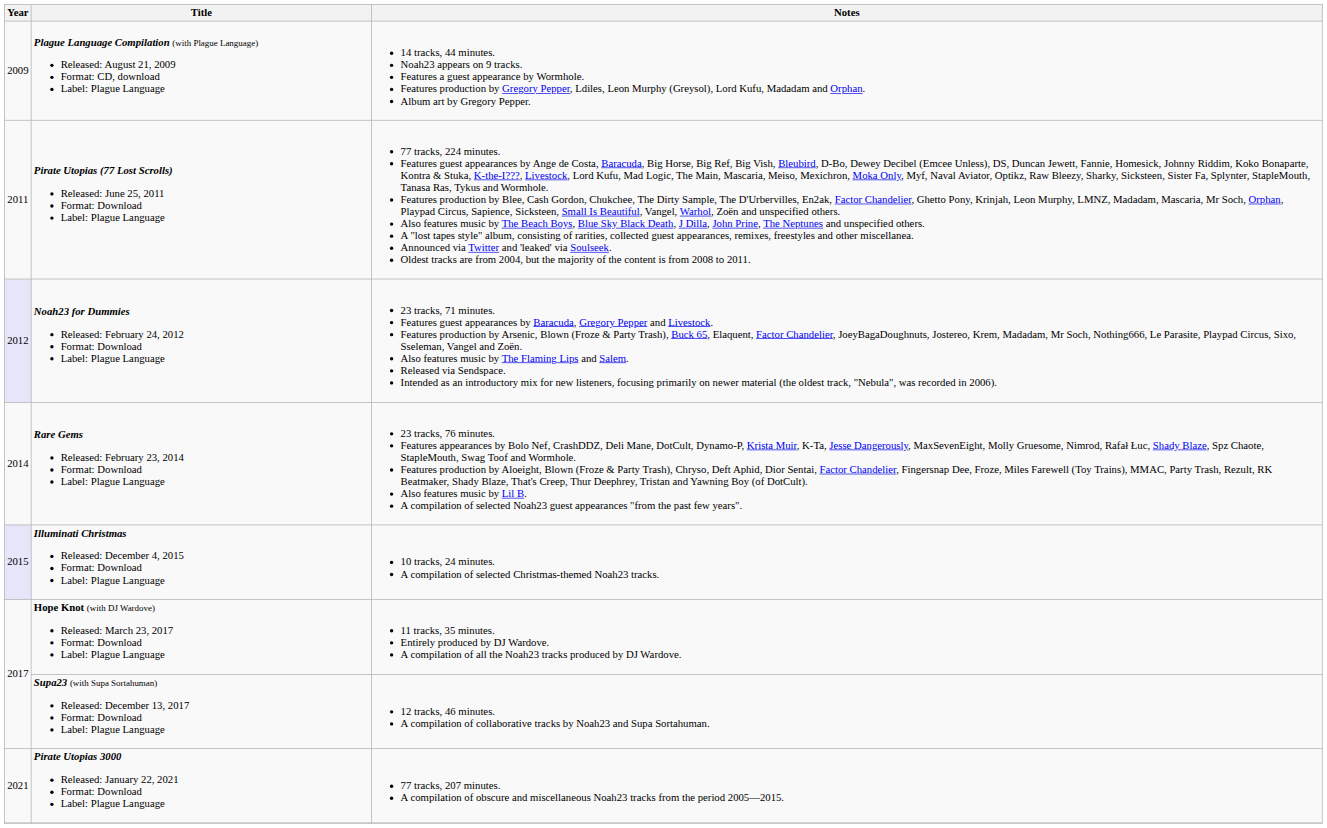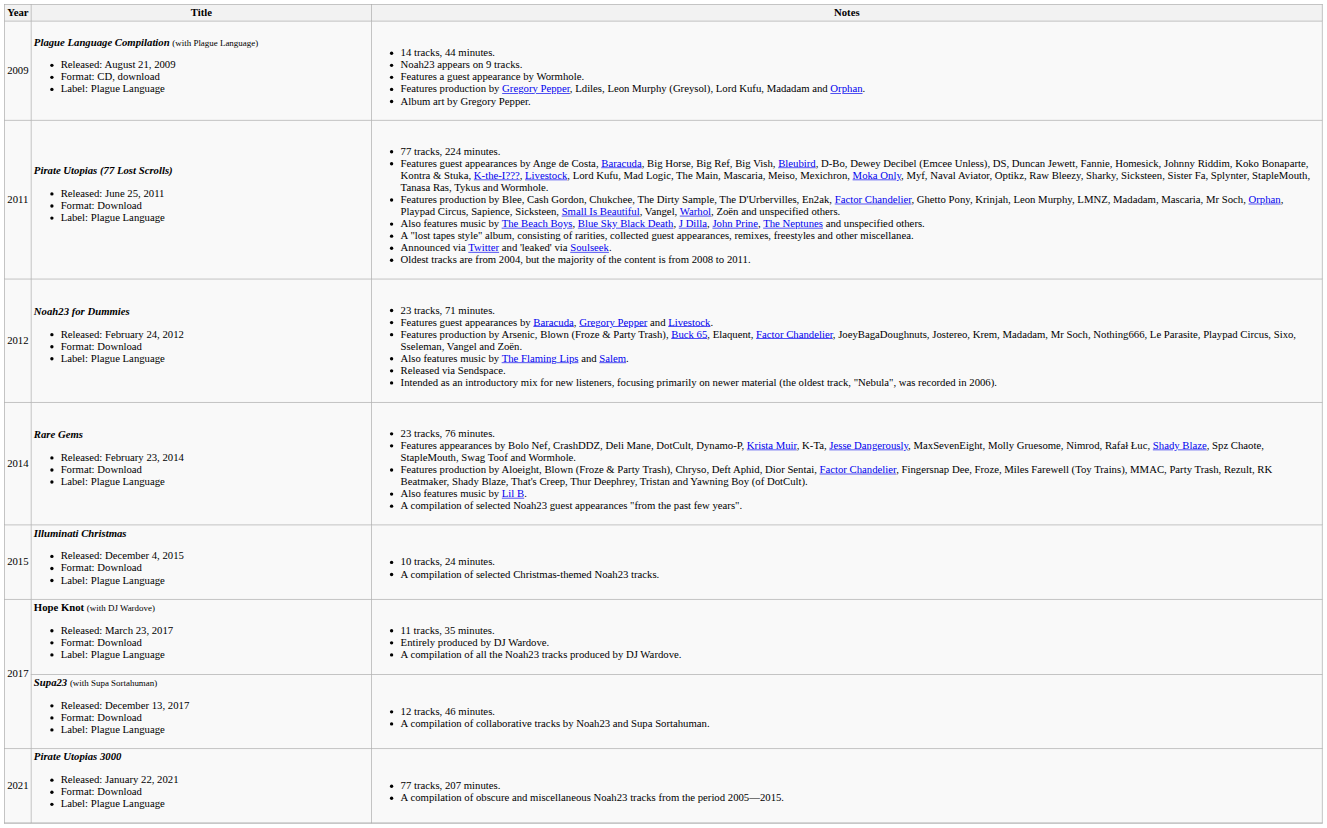 <table class="wikitable">
 <tr>
 <th rowspan="1" style="width:33px;">Year</th>
 <th rowspan="1" style="width:500px;">Title</th>
 <th rowspan="1">Notes</th>
 </tr>
 <tr>
 <td style="text-align:center;">2009</td>
 <td><strong><em>Plague Language Compilation</em></strong> <small>(with Plague Language)</small><br><ul><li>Released: August 21, 2009</li><li>Format: CD, download</li><li>Label: Plague Language</li></ul></td>
 <td><br><ul><li>14 tracks, 44 minutes.</li><li>Noah23 appears on 9 tracks.</li><li>Features a guest appearance by Wormhole.</li><li>Features production by <a href='#'>Gregory Pepper</a>, Ldiles, Leon Murphy (Greysol), Lord Kufu, Madadam and <a href='#'>Orphan</a>.</li><li>Album art by Gregory Pepper.</li></ul></td>
 </tr>
 <tr>
 <td style="text-align:center;" rowspan="1">2011</td>
 <td><strong><em>Pirate Utopias (77 Lost Scrolls)</em></strong><br><ul><li>Released: June 25, 2011</li><li>Format: Download</li><li>Label: Plague Language</li></ul></td>
 <td><br><ul><li>77 tracks, 224 minutes.</li><li>Features guest appearances by Ange de Costa, <a href='#'>Baracuda</a>, Big Horse, Big Ref, Big Vish, <a href='#'>Bleubird</a>, D-Bo, Dewey Decibel (Emcee Unless), DS, Duncan Jewett, Fannie, Homesick, Johnny Riddim, Koko Bonaparte, Kontra & Stuka, <a href='#'>K-the-I???</a>, <a href='#'>Livestock</a>, Lord Kufu, Mad Logic, The Main, Mascaria, Meiso, Mexichron, <a href='#'>Moka Only</a>, Myf, Naval Aviator, Optikz, Raw Bleezy, Sharky, Sicksteen, Sister Fa, Splynter, StapleMouth, Tanasa Ras, Tykus and Wormhole.</li><li>Features production by Blee, Cash Gordon, Chukchee, The Dirty Sample, The D'Urbervilles, En2ak, <a href='#'>Factor Chandelier</a>, Ghetto Pony, Krinjah, Leon Murphy, LMNZ, Madadam, Mascaria, Mr Soch, <a href='#'>Orphan</a>, Playpad Circus, Sapience, Sicksteen, <a href='#'>Small Is Beautiful</a>, Vangel, <a href='#'>Warhol</a>, Zoën and unspecified others.</li><li>Also features music by <a href='#'>The Beach Boys</a>, <a href='#'>Blue Sky Black Death</a>, <a href='#'>J Dilla</a>, <a href='#'>John Prine</a>, <a href='#'>The Neptunes</a> and unspecified others.</li><li>A "lost tapes style" album, consisting of rarities, collected guest appearances, remixes, freestyles and other miscellanea.</li><li>Announced via <a href='#'>Twitter</a> and 'leaked' via <a href='#'>Soulseek</a>.</li><li>Oldest tracks are from 2004, but the majority of the content is from 2008 to 2011.</li></ul></td>
 </tr>
 <tr>
-<td style="background: lavender; text-align:center;">2012</td>
+<td style="text-align:center;">2012</td>
 <td><strong><em>Noah23 for Dummies</em></strong><br><ul><li>Released: February 24, 2012</li><li>Format: Download</li><li>Label: Plague Language</li></ul></td>
 <td><br><ul><li>23 tracks, 71 minutes.</li><li>Features guest appearances by <a href='#'>Baracuda</a>, <a href='#'>Gregory Pepper</a> and <a href='#'>Livestock</a>.</li><li>Features production by Arsenic, Blown (Froze & Party Trash), <a href='#'>Buck 65</a>, Elaquent, <a href='#'>Factor Chandelier</a>, JoeyBagaDoughnuts, Jostereo, Krem, Madadam, Mr Soch, Nothing666, Le Parasite, Playpad Circus, Sixo, Sseleman, Vangel and Zoën.</li><li>Also features music by <a href='#'>The Flaming Lips</a> and <a href='#'>Salem</a>.</li><li>Released via Sendspace.</li><li>Intended as an introductory mix for new listeners, focusing primarily on newer material (the oldest track, "Nebula", was recorded in 2006).</li></ul></td>
 </tr>
 <tr>
 <td style="text-align:center;">2014</td>
 <td><strong><em>Rare Gems</em></strong><br><ul><li>Released: February 23, 2014</li><li>Format: Download</li><li>Label: Plague Language</li></ul></td>
 <td><br><ul><li>23 tracks, 76 minutes.</li><li>Features appearances by Bolo Nef, CrashDDZ, Deli Mane, DotCult, Dynamo-P, <a href='#'>Krista Muir</a>, K-Ta, <a href='#'>Jesse Dangerously</a>, MaxSevenEight, Molly Gruesome, Nimrod, Rafał Łuc, <a href='#'>Shady Blaze</a>, Spz Chaote, StapleMouth, Swag Toof and Wormhole.</li><li>Features production by Aloeight, Blown (Froze & Party Trash), Chryso, Deft Aphid, Dior Sentai, <a href='#'>Factor Chandelier</a>, Fingersnap Dee, Froze, Miles Farewell (Toy Trains), MMAC, Party Trash, Rezult, RK Beatmaker, Shady Blaze, That's Creep, Thur Deephrey, Tristan and Yawning Boy (of DotCult).</li><li>Also features music by <a href='#'>Lil B</a>.</li><li>A compilation of selected Noah23 guest appearances "from the past few years".</li></ul></td>
 </tr>
 <tr>
-<td style="background: lavender; text-align:center;">2015</td>
+<td style="text-align:center;">2015</td>
 <td><strong><em>Illuminati Christmas</em></strong><br><ul><li>Released: December 4, 2015</li><li>Format: Download</li><li>Label: Plague Language</li></ul></td>
 <td><br><ul><li>10 tracks, 24 minutes.</li><li>A compilation of selected Christmas-themed Noah23 tracks.</li></ul></td>
 </tr>
 <tr>
 <td style="text-align:center;" rowspan="2">2017</td>
 <td><strong>Hope Knot</strong> <small>(with DJ Wardove)</small><br><ul><li>Released: March 23, 2017</li><li>Format: Download</li><li>Label: Plague Language</li></ul></td>
 <td><br><ul><li>11 tracks, 35 minutes.</li><li>Entirely produced by DJ Wardove.</li><li>A compilation of all the Noah23 tracks produced by DJ Wardove.</li></ul></td>
 </tr>
 <tr>
 <td><strong><em>Supa23</em></strong> <small>(with Supa Sortahuman)</small><br><ul><li>Released: December 13, 2017</li><li>Format: Download</li><li>Label: Plague Language</li></ul></td>
 <td><br><ul><li>12 tracks, 46 minutes.</li><li>A compilation of collaborative tracks by Noah23 and Supa Sortahuman.</li></ul></td>
 </tr>
 <tr>
 <td style="text-align:center;">2021</td>
 <td><strong><em>Pirate Utopias 3000</em></strong><br><ul><li>Released: January 22, 2021</li><li>Format: Download</li><li>Label: Plague Language</li></ul></td>
 <td><br><ul><li>77 tracks, 207 minutes.</li><li>A compilation of obscure and miscellaneous Noah23 tracks from the period 2005—2015.</li></ul></td>
 </tr>
 <tr>
 </tr>
 </table>
